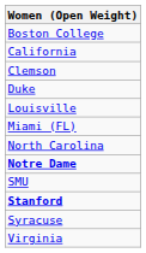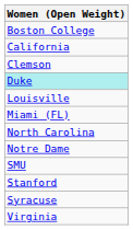 <table class="wikitable">
 <tr>
 <th>Women (Open Weight)</th>
 </tr>
 <tr>
 <td><a href='#'>Boston College</a></td>
 </tr>
 <tr>
 <td><a href='#'>California</a></td>
 </tr>
 <tr>
 <td><a href='#'>Clemson</a></td>
 </tr>
 <tr>
-<td><a href='#'>Duke</a></td>
+<td style="background: paleturquoise;"><a href='#'>Duke</a></td>
 </tr>
 <tr>
 <td><a href='#'>Louisville</a></td>
 </tr>
 <tr>
 <td><a href='#'>Miami (FL)</a></td>
 </tr>
 <tr>
 <td><a href='#'>North Carolina</a></td>
 </tr>
 <tr>
-<td><strong><a href='#'>Notre Dame</a></strong></td>
+<td><a href='#'>Notre Dame</a></td>
 </tr>
 <tr>
 <td><a href='#'>SMU</a></td>
 </tr>
 <tr>
-<td><strong><a href='#'>Stanford</a></strong></td>
+<td><a href='#'>Stanford</a></td>
 </tr>
 <tr>
 <td><a href='#'>Syracuse</a></td>
 </tr>
 <tr>
 <td><a href='#'>Virginia</a></td>
 </tr>
 </table>
